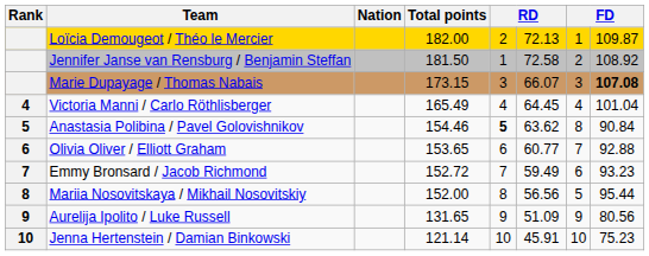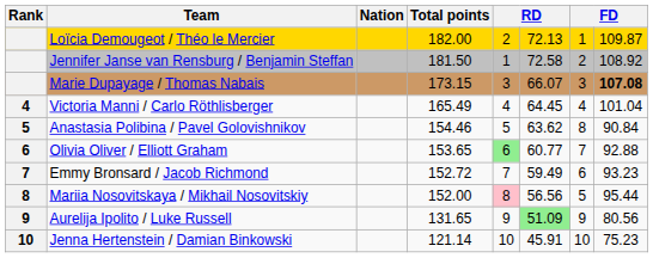 <table class="wikitable sortable" style="text-align:left">
 <tr>
 <th scope="col">Rank</th>
 <th scope="col">Team</th>
 <th scope="col">Nation</th>
 <th scope="col">Total points</th>
 <th scope="col" colspan="2" width="80px"><a href='#'>RD</a></th>
 <th scope="col" colspan="2" width="80px"><a href='#'>FD</a></th>
 </tr>
 <tr bgcolor="gold">
 <th scope="row"></th>
 <td><a href='#'>Loïcia Demougeot</a> / <a href='#'>Théo le Mercier</a></td>
 <td></td>
 <td align="center">182.00</td>
 <td align="center">2</td>
 <td align="center">72.13</td>
 <td align="center">1</td>
 <td align="center">109.87</td>
 </tr>
 <tr bgcolor="silver">
 <th scope="row"></th>
 <td><a href='#'>Jennifer Janse van Rensburg</a> / <a href='#'>Benjamin Steffan</a></td>
 <td></td>
 <td align="center">181.50</td>
 <td align="center">1</td>
 <td align="center">72.58</td>
 <td align="center">2</td>
 <td align="center">108.92</td>
 </tr>
 <tr bgcolor="cc9966">
 <th scope="row"></th>
 <td><a href='#'>Marie Dupayage</a> / <a href='#'>Thomas Nabais</a></td>
 <td></td>
 <td align="center">173.15</td>
 <td align="center">3</td>
 <td align="center">66.07</td>
 <td align="center">3</td>
 <td align="center"><strong>107.08</strong></td>
 </tr>
 <tr>
 <th scope="row">4</th>
 <td><a href='#'>Victoria Manni</a> / <a href='#'>Carlo Röthlisberger</a></td>
 <td></td>
 <td align="center">165.49</td>
 <td align="center">4</td>
 <td align="center">64.45</td>
 <td align="center">4</td>
 <td align="center">101.04</td>
 </tr>
 <tr>
 <th scope="row">5</th>
 <td><a href='#'>Anastasia Polibina</a> / <a href='#'>Pavel Golovishnikov</a></td>
 <td></td>
 <td align="center">154.46</td>
-<td align="center"><strong>5</strong></td>
+<td align="center">5</td>
 <td align="center">63.62</td>
 <td align="center">8</td>
 <td align="center">90.84</td>
 </tr>
 <tr>
 <th scope="row">6</th>
 <td><a href='#'>Olivia Oliver</a> / <a href='#'>Elliott Graham</a></td>
 <td></td>
 <td align="center">153.65</td>
-<td align="center">6</td>
+<td align="center" style="background: lightgreen;">6</td>
 <td align="center">60.77</td>
 <td align="center">7</td>
 <td align="center">92.88</td>
 </tr>
 <tr>
 <th scope="row">7</th>
 <td>Emmy Bronsard / <a href='#'>Jacob Richmond</a></td>
 <td></td>
 <td align="center">152.72</td>
 <td align="center">7</td>
 <td align="center">59.49</td>
 <td align="center">6</td>
 <td align="center">93.23</td>
 </tr>
 <tr>
 <th scope="row">8</th>
 <td><a href='#'>Mariia Nosovitskaya</a> / <a href='#'>Mikhail Nosovitskiy</a></td>
 <td></td>
 <td align="center">152.00</td>
-<td align="center">8</td>
+<td align="center" style="background: pink;">8</td>
 <td align="center">56.56</td>
 <td align="center">5</td>
 <td align="center">95.44</td>
 </tr>
 <tr>
 <th scope="row">9</th>
 <td><a href='#'>Aurelija Ipolito</a> / <a href='#'>Luke Russell</a></td>
 <td></td>
 <td align="center">131.65</td>
 <td align="center">9</td>
-<td align="center">51.09</td>
+<td align="center" style="background: lightgreen;">51.09</td>
 <td align="center">9</td>
 <td align="center">80.56</td>
 </tr>
 <tr>
 <th scope="row">10</th>
 <td><a href='#'>Jenna Hertenstein</a> / <a href='#'>Damian Binkowski</a></td>
 <td></td>
 <td align="center">121.14</td>
 <td align="center">10</td>
 <td align="center">45.91</td>
 <td align="center">10</td>
 <td align="center">75.23</td>
 </tr>
 </table>
